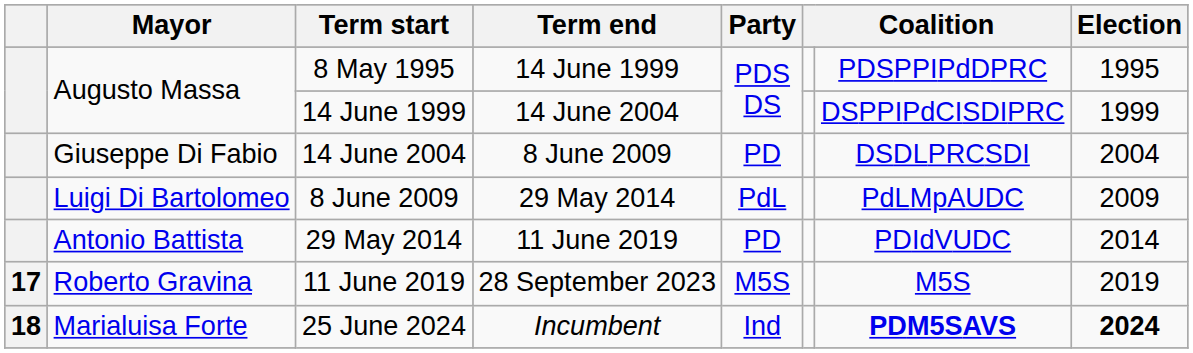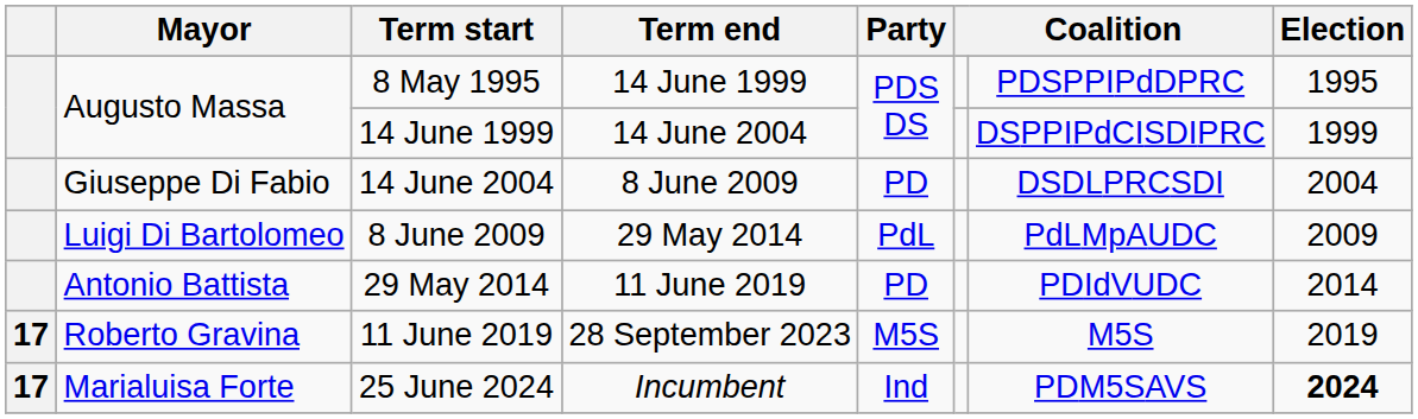 <table class="wikitable">
 <tr>
 <th class=unsortable> </th>
 <th>Mayor</th>
 <th>Term start</th>
 <th>Term end</th>
 <th>Party</th>
 <th colspan="2">Coalition</th>
 <th>Election</th>
 </tr>
 <tr>
 <th rowspan=2 style="background:"></th>
 <td rowspan=2>Augusto Massa</td>
 <td align=center>8 May 1995</td>
 <td align=center>14 June 1999</td>
 <td align=center rowspan=2><a href='#'>PDS</a><br><a href='#'>DS</a></td>
 <td style="background:"></td>
 <td align=center><a href='#'>PDS</a><a href='#'>PPI</a><a href='#'>PdD</a><a href='#'>PRC</a></td>
 <td align=center>1995</td>
 </tr>
 <tr>
 <td align=center>14 June 1999</td>
 <td align=center>14 June 2004</td>
 <td style="background:"></td>
 <td align=center><a href='#'>DS</a><a href='#'>PPI</a><a href='#'>PdCI</a><a href='#'>SDI</a><a href='#'>PRC</a></td>
 <td align=center>1999</td>
 </tr>
 <tr>
 <th style="background:"></th>
 <td>Giuseppe Di Fabio</td>
 <td align=center>14 June 2004</td>
 <td align=center>8 June 2009</td>
 <td align=center><a href='#'>PD</a></td>
 <td style="background:"></td>
 <td align=center><a href='#'>DS</a><a href='#'>DL</a><a href='#'>PRC</a><a href='#'>SDI</a></td>
 <td align=center>2004</td>
 </tr>
 <tr>
 <th style="background:"></th>
 <td><a href='#'>Luigi Di Bartolomeo</a></td>
 <td align=center>8 June 2009</td>
 <td align=center>29 May 2014</td>
 <td align=center><a href='#'>PdL</a></td>
 <td style="background:"></td>
 <td align=center><a href='#'>PdL</a><a href='#'>MpA</a><a href='#'>UDC</a></td>
 <td align=center>2009</td>
 </tr>
 <tr>
 <th style="background:"></th>
 <td><a href='#'>Antonio Battista</a></td>
 <td align=center>29 May 2014</td>
 <td align=center>11 June 2019</td>
 <td align=center><a href='#'>PD</a></td>
 <td style="background:"></td>
 <td align=center><a href='#'>PD</a><a href='#'>IdV</a><a href='#'>UDC</a></td>
 <td align=center>2014</td>
 </tr>
 <tr>
 <th style="background:"><strong>17</strong></th>
 <td><a href='#'>Roberto Gravina</a></td>
 <td align=center>11 June 2019</td>
 <td align=center>28 September 2023</td>
 <td align=center><a href='#'>M5S</a></td>
 <td style="background:"></td>
 <td align=center><a href='#'>M5S</a></td>
 <td align=center>2019</td>
 </tr>
 <tr>
-<th style="background:"><strong>18</strong></th>
+<th style="background:"><strong>17</strong></th>
 <td><a href='#'>Marialuisa Forte</a></td>
 <td align=center>25 June 2024</td>
 <td align=center><em>Incumbent</em></td>
 <td align=center><a href='#'>Ind</a></td>
 <td style="background:"></td>
-<td align=center><strong><a href='#'>PD</a><a href='#'>M5S</a><a href='#'>AVS</a></strong></td>
+<td align=center><a href='#'>PD</a><a href='#'>M5S</a><a href='#'>AVS</a></td>
 <td align=center><strong>2024</strong></td>
 </tr>
 </table>
